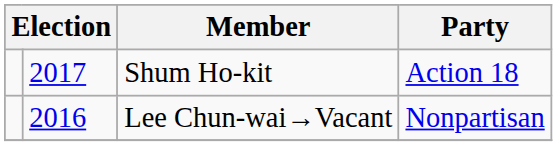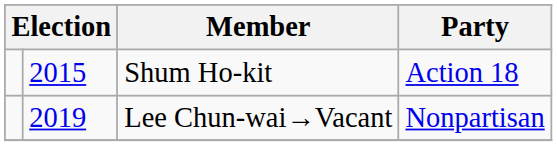 <table class="wikitable">
 <tr>
 <th colspan="2">Election</th>
 <th>Member</th>
 <th>Party</th>
 </tr>
 <tr>
 <td style="background-color: "></td>
-<td><a href='#'>2017</a></td>
+<td><a href='#'>2015</a></td>
 <td>Shum Ho-kit</td>
 <td><a href='#'>Action 18</a></td>
 </tr>
 <tr>
 <td style="background-color: "></td>
-<td><a href='#'>2016</a></td>
+<td><a href='#'>2019</a></td>
 <td>Lee Chun-wai→Vacant</td>
 <td><a href='#'>Nonpartisan</a></td>
 </tr>
 <tr>
 </tr>
 </table>
